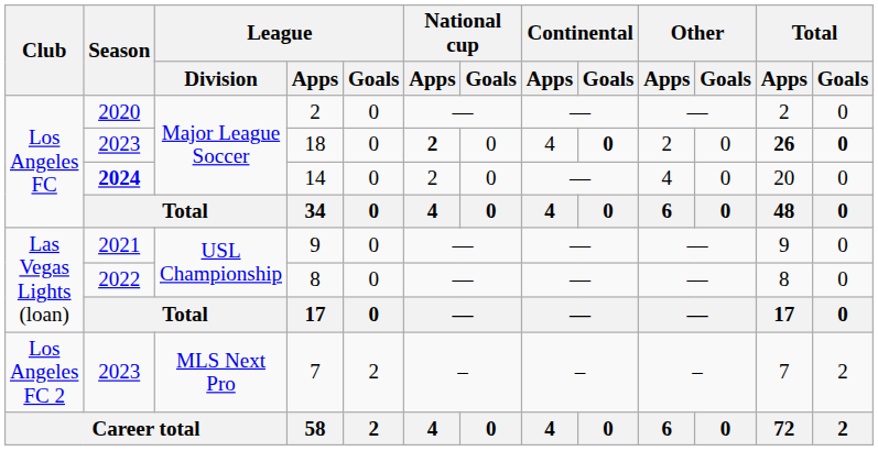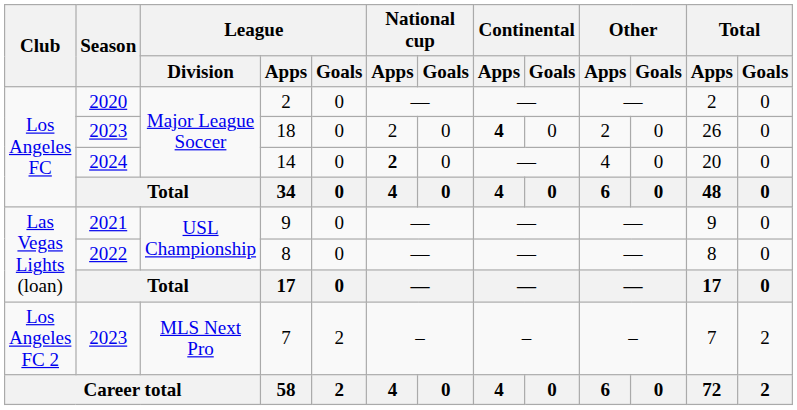 <table class=wikitable style=text-align:center>
 <tr>
 <th rowspan=2>Club</th>
 <th rowspan=2>Season</th>
 <th colspan=3>League</th>
 <th colspan=2>National cup</th>
 <th colspan=2>Continental</th>
 <th colspan=2>Other</th>
 <th colspan=2>Total</th>
 </tr>
 <tr>
 <th>Division</th>
 <th>Apps</th>
 <th>Goals</th>
 <th>Apps</th>
 <th>Goals</th>
 <th>Apps</th>
 <th>Goals</th>
 <th>Apps</th>
 <th>Goals</th>
 <th>Apps</th>
 <th>Goals</th>
 </tr>
 <tr>
 <td rowspan=4><a href='#'>Los Angeles FC</a></td>
 <td><a href='#'>2020</a></td>
 <td rowspan=3><a href='#'>Major League Soccer</a></td>
 <td>2</td>
 <td>0</td>
 <td colspan=2>—</td>
 <td colspan=2>—</td>
 <td colspan=2>—</td>
 <td>2</td>
 <td>0</td>
 </tr>
 <tr>
 <td><a href='#'>2023</a></td>
 <td>18</td>
 <td>0</td>
-<td><strong>2</strong></td>
-<td>0</td>
-<td>4</td>
-<td><strong>0</strong></td>
 <td>2</td>
 <td>0</td>
-<td><strong>26</strong></td>
-<td><strong>0</strong></td>
+<td><strong>4</strong></td>
+<td>0</td>
+<td>2</td>
+<td>0</td>
+<td>26</td>
+<td>0</td>
 </tr>
 <tr>
-<td><strong><a href='#'>2024</a></strong></td>
+<td><a href='#'>2024</a></td>
 <td>14</td>
 <td>0</td>
-<td>2</td>
+<td><strong>2</strong></td>
 <td>0</td>
 <td colspan=2>—</td>
 <td>4</td>
 <td>0</td>
 <td>20</td>
 <td>0</td>
 </tr>
 <tr>
 <th colspan="2">Total</th>
 <th>34</th>
 <th>0</th>
 <th>4</th>
 <th>0</th>
 <th>4</th>
 <th>0</th>
 <th>6</th>
 <th>0</th>
 <th>48</th>
 <th>0</th>
 </tr>
 <tr>
 <td rowspan=3><a href='#'>Las Vegas Lights</a> (loan)</td>
 <td><a href='#'>2021</a></td>
 <td rowspan=2><a href='#'>USL Championship</a></td>
 <td>9</td>
 <td>0</td>
 <td colspan=2>—</td>
 <td colspan=2>—</td>
 <td colspan=2>—</td>
 <td>9</td>
 <td>0</td>
 </tr>
 <tr>
 <td><a href='#'>2022</a></td>
 <td>8</td>
 <td>0</td>
 <td colspan=2>—</td>
 <td colspan=2>—</td>
 <td colspan=2>—</td>
 <td>8</td>
 <td>0</td>
 </tr>
 <tr>
 <th colspan="2">Total</th>
 <th>17</th>
 <th>0</th>
 <th colspan=2>—</th>
 <th colspan=2>—</th>
 <th colspan=2>—</th>
 <th>17</th>
 <th>0</th>
 </tr>
 <tr>
 <td rowspan="1"><a href='#'>Los Angeles FC 2</a></td>
 <td><a href='#'>2023</a></td>
 <td rowspan="1"><a href='#'>MLS Next Pro</a></td>
 <td>7</td>
 <td>2</td>
 <td colspan="2">–</td>
 <td colspan="2">–</td>
 <td colspan="2">–</td>
 <td>7</td>
 <td>2</td>
 </tr>
 <tr>
 <th colspan=3>Career total</th>
 <th>58</th>
 <th>2</th>
 <th>4</th>
 <th>0</th>
 <th>4</th>
 <th>0</th>
 <th>6</th>
 <th>0</th>
 <th>72</th>
 <th>2</th>
 </tr>
 </table>
